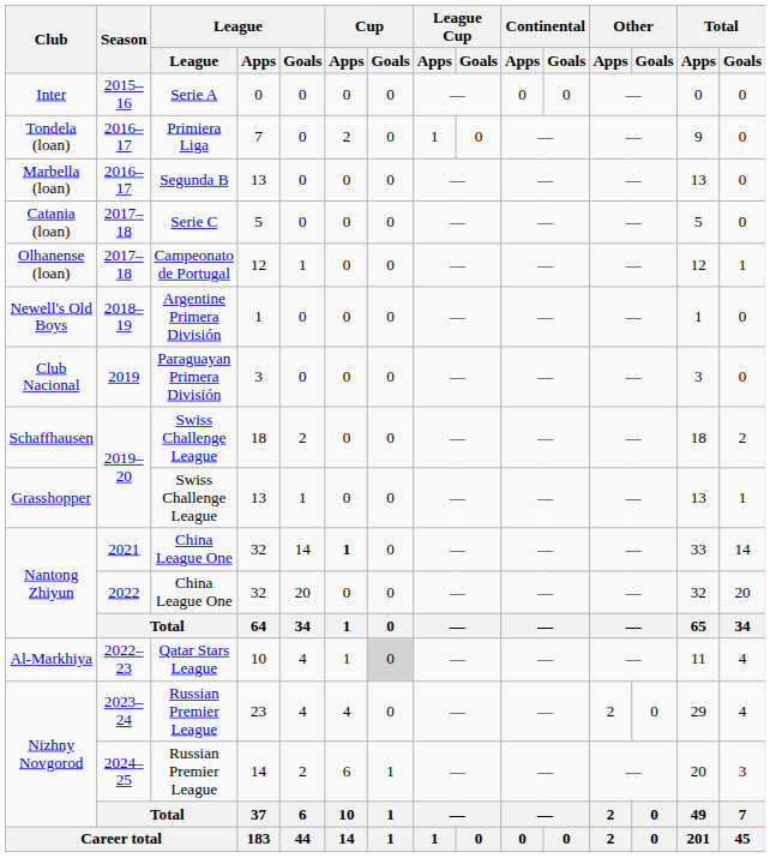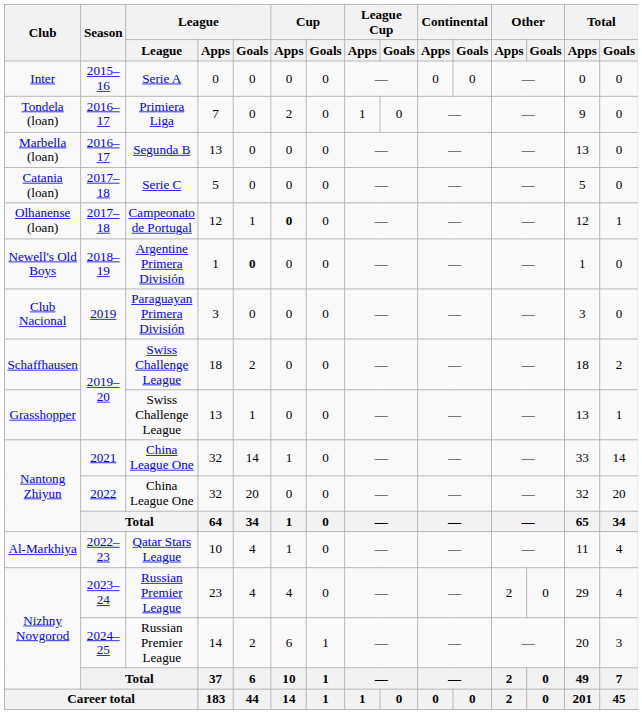 <table class="wikitable" style="text-align: center;">
 <tr>
 <th rowspan="2">Club</th>
 <th rowspan="2">Season</th>
 <th colspan="3">League</th>
 <th colspan="2">Cup</th>
 <th colspan="2">League Cup</th>
 <th colspan="2">Continental</th>
 <th colspan="2">Other</th>
 <th colspan="2">Total</th>
 </tr>
 <tr>
 <th>League</th>
 <th>Apps</th>
 <th>Goals</th>
 <th>Apps</th>
 <th>Goals</th>
 <th>Apps</th>
 <th>Goals</th>
 <th>Apps</th>
 <th>Goals</th>
 <th>Apps</th>
 <th>Goals</th>
 <th>Apps</th>
 <th>Goals</th>
 </tr>
 <tr>
 <td rowspan="1"><a href='#'>Inter</a></td>
 <td><a href='#'>2015–16</a></td>
 <td rowspan="1"><a href='#'>Serie A</a></td>
 <td>0</td>
 <td>0</td>
 <td>0</td>
 <td>0</td>
 <td colspan="2">—</td>
 <td>0</td>
 <td>0</td>
 <td colspan="2">—</td>
 <td>0</td>
 <td>0</td>
 </tr>
 <tr>
 <td><a href='#'>Tondela</a> (loan)</td>
 <td><a href='#'>2016–17</a></td>
 <td><a href='#'>Primiera Liga</a></td>
 <td>7</td>
 <td>0</td>
 <td>2</td>
 <td>0</td>
 <td>1</td>
 <td>0</td>
 <td colspan="2">—</td>
 <td colspan="2">—</td>
 <td>9</td>
 <td>0</td>
 </tr>
 <tr>
 <td><a href='#'>Marbella</a> (loan)</td>
 <td><a href='#'>2016–17</a></td>
 <td><a href='#'>Segunda B</a></td>
 <td>13</td>
 <td>0</td>
 <td>0</td>
 <td>0</td>
 <td colspan="2">—</td>
 <td colspan="2">—</td>
 <td colspan="2">—</td>
 <td>13</td>
 <td>0</td>
 </tr>
 <tr>
 <td><a href='#'>Catania</a> (loan)</td>
 <td><a href='#'>2017–18</a></td>
 <td><a href='#'>Serie C</a></td>
 <td>5</td>
 <td>0</td>
 <td>0</td>
 <td>0</td>
 <td colspan="2">—</td>
 <td colspan="2">—</td>
 <td colspan="2">—</td>
 <td>5</td>
 <td>0</td>
 </tr>
 <tr>
 <td><a href='#'>Olhanense</a> (loan)</td>
 <td><a href='#'>2017–18</a></td>
 <td><a href='#'>Campeonato de Portugal</a></td>
 <td>12</td>
 <td>1</td>
-<td>0</td>
+<td><strong>0</strong></td>
 <td>0</td>
 <td colspan="2">—</td>
 <td colspan="2">—</td>
 <td colspan="2">—</td>
 <td>12</td>
 <td>1</td>
 </tr>
 <tr>
 <td><a href='#'>Newell's Old Boys</a></td>
 <td><a href='#'>2018–19</a></td>
 <td><a href='#'>Argentine Primera División</a></td>
 <td>1</td>
-<td>0</td>
+<td><strong>0</strong></td>
 <td>0</td>
 <td>0</td>
 <td colspan="2">—</td>
 <td colspan="2">—</td>
 <td colspan="2">—</td>
 <td>1</td>
 <td>0</td>
 </tr>
 <tr>
 <td><a href='#'>Club Nacional</a></td>
 <td><a href='#'>2019</a></td>
 <td><a href='#'>Paraguayan Primera División</a></td>
 <td>3</td>
 <td>0</td>
 <td>0</td>
 <td>0</td>
 <td colspan="2">—</td>
 <td colspan="2">—</td>
 <td colspan="2">—</td>
 <td>3</td>
 <td>0</td>
 </tr>
 <tr>
 <td><a href='#'>Schaffhausen</a></td>
 <td rowspan="2"><a href='#'>2019–20</a></td>
 <td><a href='#'>Swiss Challenge League</a></td>
 <td>18</td>
 <td>2</td>
 <td>0</td>
 <td>0</td>
 <td colspan="2">—</td>
 <td colspan="2">—</td>
 <td colspan="2">—</td>
 <td>18</td>
 <td>2</td>
 </tr>
 <tr>
 <td><a href='#'>Grasshopper</a></td>
 <td>Swiss Challenge League</td>
 <td>13</td>
 <td>1</td>
 <td>0</td>
 <td>0</td>
 <td colspan="2">—</td>
 <td colspan="2">—</td>
 <td colspan="2">—</td>
 <td>13</td>
 <td>1</td>
 </tr>
 <tr>
 <td rowspan="3"><a href='#'>Nantong Zhiyun</a></td>
 <td><a href='#'>2021</a></td>
 <td><a href='#'>China League One</a></td>
 <td>32</td>
 <td>14</td>
-<td><strong>1</strong></td>
+<td>1</td>
 <td>0</td>
 <td colspan="2">—</td>
 <td colspan="2">—</td>
 <td colspan="2">—</td>
 <td>33</td>
 <td>14</td>
 </tr>
 <tr>
 <td><a href='#'>2022</a></td>
 <td>China League One</td>
 <td>32</td>
 <td>20</td>
 <td>0</td>
 <td>0</td>
 <td colspan="2">—</td>
 <td colspan="2">—</td>
 <td colspan="2">—</td>
 <td>32</td>
 <td>20</td>
 </tr>
 <tr>
 <th colspan="2">Total</th>
 <th>64</th>
 <th>34</th>
 <th>1</th>
 <th>0</th>
 <th colspan="2">—</th>
 <th colspan="2">—</th>
 <th colspan="2">—</th>
 <th>65</th>
 <th>34</th>
 </tr>
 <tr>
 <td><a href='#'>Al-Markhiya</a></td>
 <td><a href='#'>2022–23</a></td>
 <td><a href='#'>Qatar Stars League</a></td>
 <td>10</td>
 <td>4</td>
 <td>1</td>
-<td style="background: lightgrey;">0</td>
+<td>0</td>
 <td colspan="2">—</td>
 <td colspan="2">—</td>
 <td colspan="2">—</td>
 <td>11</td>
 <td>4</td>
 </tr>
 <tr>
 <td rowspan="3"><a href='#'>Nizhny Novgorod</a></td>
 <td><a href='#'>2023–24</a></td>
 <td><a href='#'>Russian Premier League</a></td>
 <td>23</td>
 <td>4</td>
 <td>4</td>
 <td>0</td>
 <td colspan="2">—</td>
 <td colspan="2">—</td>
 <td>2</td>
 <td>0</td>
 <td>29</td>
 <td>4</td>
 </tr>
 <tr>
 <td><a href='#'>2024–25</a></td>
 <td>Russian Premier League</td>
 <td>14</td>
 <td>2</td>
 <td>6</td>
 <td>1</td>
 <td colspan="2">—</td>
 <td colspan="2">—</td>
 <td colspan="2">—</td>
 <td>20</td>
 <td>3</td>
 </tr>
 <tr>
 <th colspan="2">Total</th>
 <th>37</th>
 <th>6</th>
 <th>10</th>
 <th>1</th>
 <th colspan="2">—</th>
 <th colspan="2">—</th>
 <th>2</th>
 <th>0</th>
 <th>49</th>
 <th>7</th>
 </tr>
 <tr>
 <th colspan="3">Career total</th>
 <th>183</th>
 <th>44</th>
 <th>14</th>
 <th>1</th>
 <th>1</th>
 <th>0</th>
 <th>0</th>
 <th>0</th>
 <th>2</th>
 <th>0</th>
 <th>201</th>
 <th>45</th>
 </tr>
 </table>
